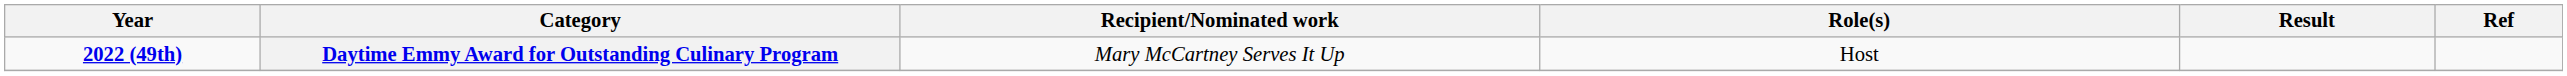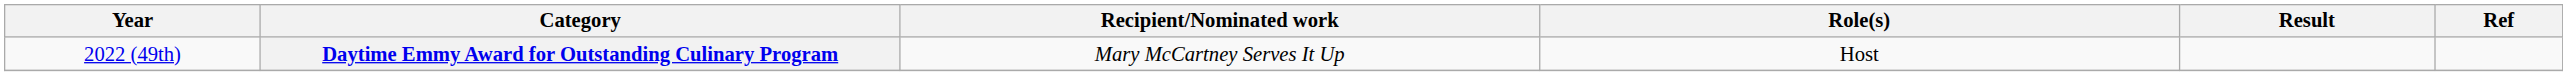 <table class="wikitable plainrowheaders" style="font-size: 100%; text-align:center" width=100%>
 <tr>
 <th scope="col" width="10%">Year</th>
 <th scope="col" width="25%">Category</th>
 <th scope="col" width="25%">Recipient/Nominated work</th>
 <th scope="col" width="25%">Role(s)</th>
 <th scope="col" width="10%">Result</th>
 <th scope="col" width="5%">Ref</th>
 </tr>
 <tr>
-<td><strong><a href='#'>2022 (49th)</a></strong></td>
+<td><a href='#'>2022 (49th)</a></td>
 <th scope="row" style="text-align:center"><a href='#'>Daytime Emmy Award for Outstanding Culinary Program</a></th>
 <td><em>Mary McCartney Serves It Up</em></td>
 <td>Host</td>
 <td></td>
 <td></td>
 </tr>
 <tr>
 </tr>
 </table>
